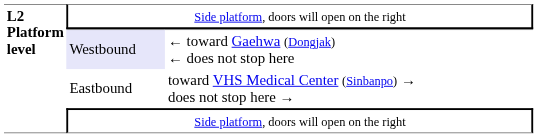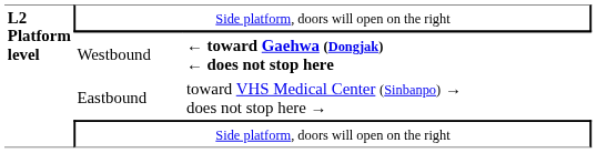 <table table border=0 cellspacing=0 cellpadding=3>
 <tr>
 <td style="border-top:solid 1px gray;border-bottom:solid 1px gray;" width=50 rowspan=10 valign=top><strong>L2<br>Platform level</strong></td>
 <td style="border-top:solid 1px gray;border-right:solid 2px black;border-left:solid 2px black;border-bottom:solid 2px black;text-align:center;" colspan=2><small><a href='#'>Side platform</a>, doors will open on the right </small></td>
 </tr>
 <tr>
-<td style="background: lavender; border-bottom:solid 0px gray;border-top:solid 1px gray;" width=100>Westbound</td>
-<td style="border-bottom:solid 0px gray;border-top:solid 1px gray;" width=390>←  toward <a href='#'>Gaehwa</a> <small>(<a href='#'>Dongjak</a>)</small><br>← <span> does not stop here</span></td>
+<td style="border-bottom:solid 0px gray;border-top:solid 1px gray;" width=100>Westbound</td>
+<td style="border-bottom:solid 0px gray;border-top:solid 1px gray;" width=390><strong>←  toward <a href='#'>Gaehwa</a> <small>(<a href='#'>Dongjak</a>)</small><br>← <span> does not stop here</span></strong></td>
 </tr>
 <tr>
 <td>Eastbound</td>
 <td>  toward <a href='#'>VHS Medical Center</a> <small>(<a href='#'>Sinbanpo</a>)</small> →<br>  does not stop here →</td>
 </tr>
 <tr>
 <td style="border-top:solid 2px black;border-right:solid 2px black;border-left:solid 2px black;border-bottom:solid 1px gray;text-align:center;" colspan=2><small><a href='#'>Side platform</a>, doors will open on the right </small></td>
 </tr>
 </table>
